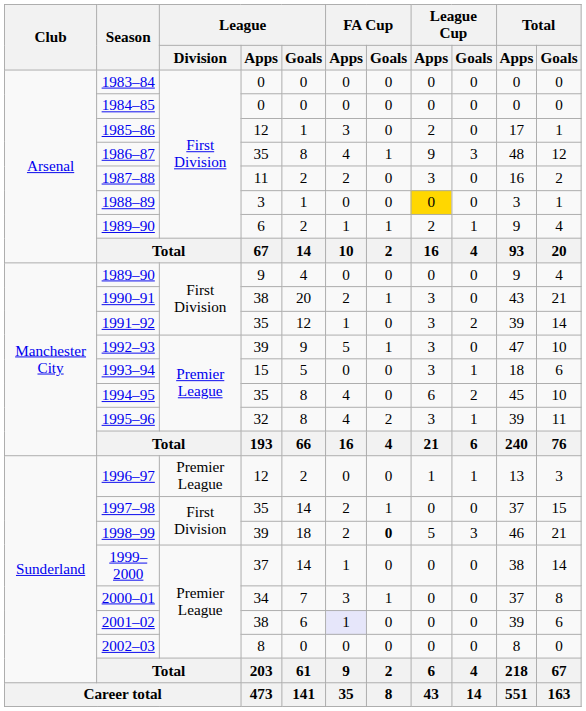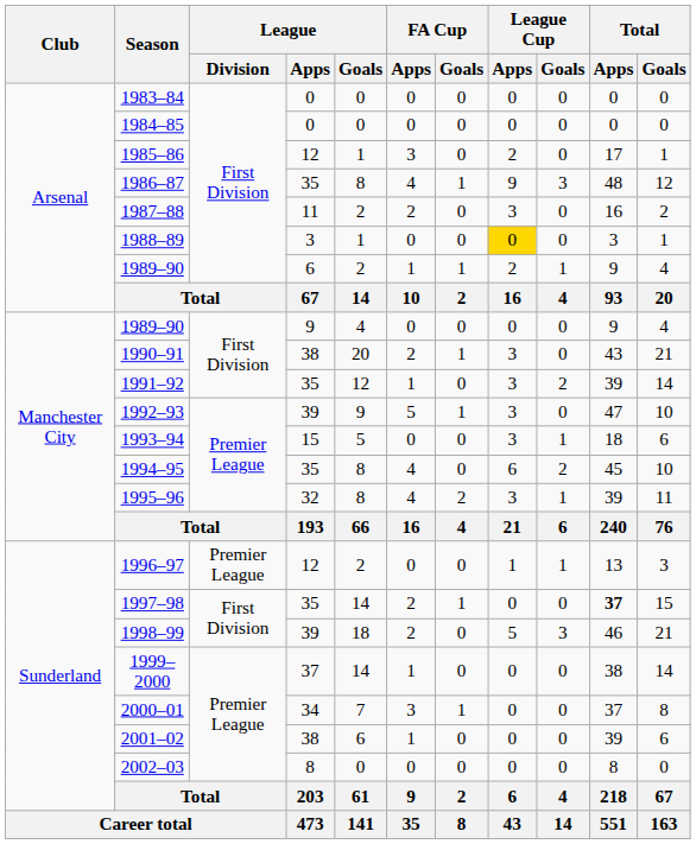 <table class="wikitable" style="text-align:center">
 <tr>
 <th rowspan="2">Club</th>
 <th rowspan="2">Season</th>
 <th colspan="3">League</th>
 <th colspan="2">FA Cup</th>
 <th colspan="2">League Cup</th>
 <th colspan="2">Total</th>
 </tr>
 <tr>
 <th>Division</th>
 <th>Apps</th>
 <th>Goals</th>
 <th>Apps</th>
 <th>Goals</th>
 <th>Apps</th>
 <th>Goals</th>
 <th>Apps</th>
 <th>Goals</th>
 </tr>
 <tr>
 <td rowspan="8"><a href='#'>Arsenal</a></td>
 <td><a href='#'>1983–84</a></td>
 <td rowspan="7"><a href='#'>First Division</a></td>
 <td>0</td>
 <td>0</td>
 <td>0</td>
 <td>0</td>
 <td>0</td>
 <td>0</td>
 <td>0</td>
 <td>0</td>
 </tr>
 <tr>
 <td><a href='#'>1984–85</a></td>
 <td>0</td>
 <td>0</td>
 <td>0</td>
 <td>0</td>
 <td>0</td>
 <td>0</td>
 <td>0</td>
 <td>0</td>
 </tr>
 <tr>
 <td><a href='#'>1985–86</a></td>
 <td>12</td>
 <td>1</td>
 <td>3</td>
 <td>0</td>
 <td>2</td>
 <td>0</td>
 <td>17</td>
 <td>1</td>
 </tr>
 <tr>
 <td><a href='#'>1986–87</a></td>
 <td>35</td>
 <td>8</td>
 <td>4</td>
 <td>1</td>
 <td>9</td>
 <td>3</td>
 <td>48</td>
 <td>12</td>
 </tr>
 <tr>
 <td><a href='#'>1987–88</a></td>
 <td>11</td>
 <td>2</td>
 <td>2</td>
 <td>0</td>
 <td>3</td>
 <td>0</td>
 <td>16</td>
 <td>2</td>
 </tr>
 <tr>
 <td><a href='#'>1988–89</a></td>
 <td>3</td>
 <td>1</td>
 <td>0</td>
 <td>0</td>
 <td style="background: gold;">0</td>
 <td>0</td>
 <td>3</td>
 <td>1</td>
 </tr>
 <tr>
 <td><a href='#'>1989–90</a></td>
 <td>6</td>
 <td>2</td>
 <td>1</td>
 <td>1</td>
 <td>2</td>
 <td>1</td>
 <td>9</td>
 <td>4</td>
 </tr>
 <tr>
 <th colspan="2">Total</th>
 <th>67</th>
 <th>14</th>
 <th>10</th>
 <th>2</th>
 <th>16</th>
 <th>4</th>
 <th>93</th>
 <th>20</th>
 </tr>
 <tr>
 <td rowspan="8"><a href='#'>Manchester City</a></td>
 <td><a href='#'>1989–90</a></td>
 <td rowspan="3">First Division</td>
 <td>9</td>
 <td>4</td>
 <td>0</td>
 <td>0</td>
 <td>0</td>
 <td>0</td>
 <td>9</td>
 <td>4</td>
 </tr>
 <tr>
 <td><a href='#'>1990–91</a></td>
 <td>38</td>
 <td>20</td>
 <td>2</td>
 <td>1</td>
 <td>3</td>
 <td>0</td>
 <td>43</td>
 <td>21</td>
 </tr>
 <tr>
 <td><a href='#'>1991–92</a></td>
 <td>35</td>
 <td>12</td>
 <td>1</td>
 <td>0</td>
 <td>3</td>
 <td>2</td>
 <td>39</td>
 <td>14</td>
 </tr>
 <tr>
 <td><a href='#'>1992–93</a></td>
 <td rowspan="4"><a href='#'>Premier League</a></td>
 <td>39</td>
 <td>9</td>
 <td>5</td>
 <td>1</td>
 <td>3</td>
 <td>0</td>
 <td>47</td>
 <td>10</td>
 </tr>
 <tr>
 <td><a href='#'>1993–94</a></td>
 <td>15</td>
 <td>5</td>
 <td>0</td>
 <td>0</td>
 <td>3</td>
 <td>1</td>
 <td>18</td>
 <td>6</td>
 </tr>
 <tr>
 <td><a href='#'>1994–95</a></td>
 <td>35</td>
 <td>8</td>
 <td>4</td>
 <td>0</td>
 <td>6</td>
 <td>2</td>
 <td>45</td>
 <td>10</td>
 </tr>
 <tr>
 <td><a href='#'>1995–96</a></td>
 <td>32</td>
 <td>8</td>
 <td>4</td>
 <td>2</td>
 <td>3</td>
 <td>1</td>
 <td>39</td>
 <td>11</td>
 </tr>
 <tr>
 <th colspan="2">Total</th>
 <th>193</th>
 <th>66</th>
 <th>16</th>
 <th>4</th>
 <th>21</th>
 <th>6</th>
 <th>240</th>
 <th>76</th>
 </tr>
 <tr>
 <td rowspan="8"><a href='#'>Sunderland</a></td>
 <td><a href='#'>1996–97</a></td>
 <td>Premier League</td>
 <td>12</td>
 <td>2</td>
 <td>0</td>
 <td>0</td>
 <td>1</td>
 <td>1</td>
 <td>13</td>
 <td>3</td>
 </tr>
 <tr>
 <td><a href='#'>1997–98</a></td>
 <td rowspan="2">First Division</td>
 <td>35</td>
 <td>14</td>
 <td>2</td>
 <td>1</td>
 <td>0</td>
 <td>0</td>
-<td>37</td>
+<td><strong>37</strong></td>
 <td>15</td>
 </tr>
 <tr>
 <td><a href='#'>1998–99</a></td>
 <td>39</td>
 <td>18</td>
 <td>2</td>
-<td><strong>0</strong></td>
+<td>0</td>
 <td>5</td>
 <td>3</td>
 <td>46</td>
 <td>21</td>
 </tr>
 <tr>
 <td><a href='#'>1999–2000</a></td>
 <td rowspan="4">Premier League</td>
 <td>37</td>
 <td>14</td>
 <td>1</td>
 <td>0</td>
 <td>0</td>
 <td>0</td>
 <td>38</td>
 <td>14</td>
 </tr>
 <tr>
 <td><a href='#'>2000–01</a></td>
 <td>34</td>
 <td>7</td>
 <td>3</td>
 <td>1</td>
 <td>0</td>
 <td>0</td>
 <td>37</td>
 <td>8</td>
 </tr>
 <tr>
 <td><a href='#'>2001–02</a></td>
 <td>38</td>
 <td>6</td>
-<td style="background: lavender;">1</td>
+<td>1</td>
 <td>0</td>
 <td>0</td>
 <td>0</td>
 <td>39</td>
 <td>6</td>
 </tr>
 <tr>
 <td><a href='#'>2002–03</a></td>
 <td>8</td>
 <td>0</td>
 <td>0</td>
 <td>0</td>
 <td>0</td>
 <td>0</td>
 <td>8</td>
 <td>0</td>
 </tr>
 <tr>
 <th colspan="2">Total</th>
 <th>203</th>
 <th>61</th>
 <th>9</th>
 <th>2</th>
 <th>6</th>
 <th>4</th>
 <th>218</th>
 <th>67</th>
 </tr>
 <tr>
 <th colspan="3">Career total</th>
 <th>473</th>
 <th>141</th>
 <th>35</th>
 <th>8</th>
 <th>43</th>
 <th>14</th>
 <th>551</th>
 <th>163</th>
 </tr>
 </table>
